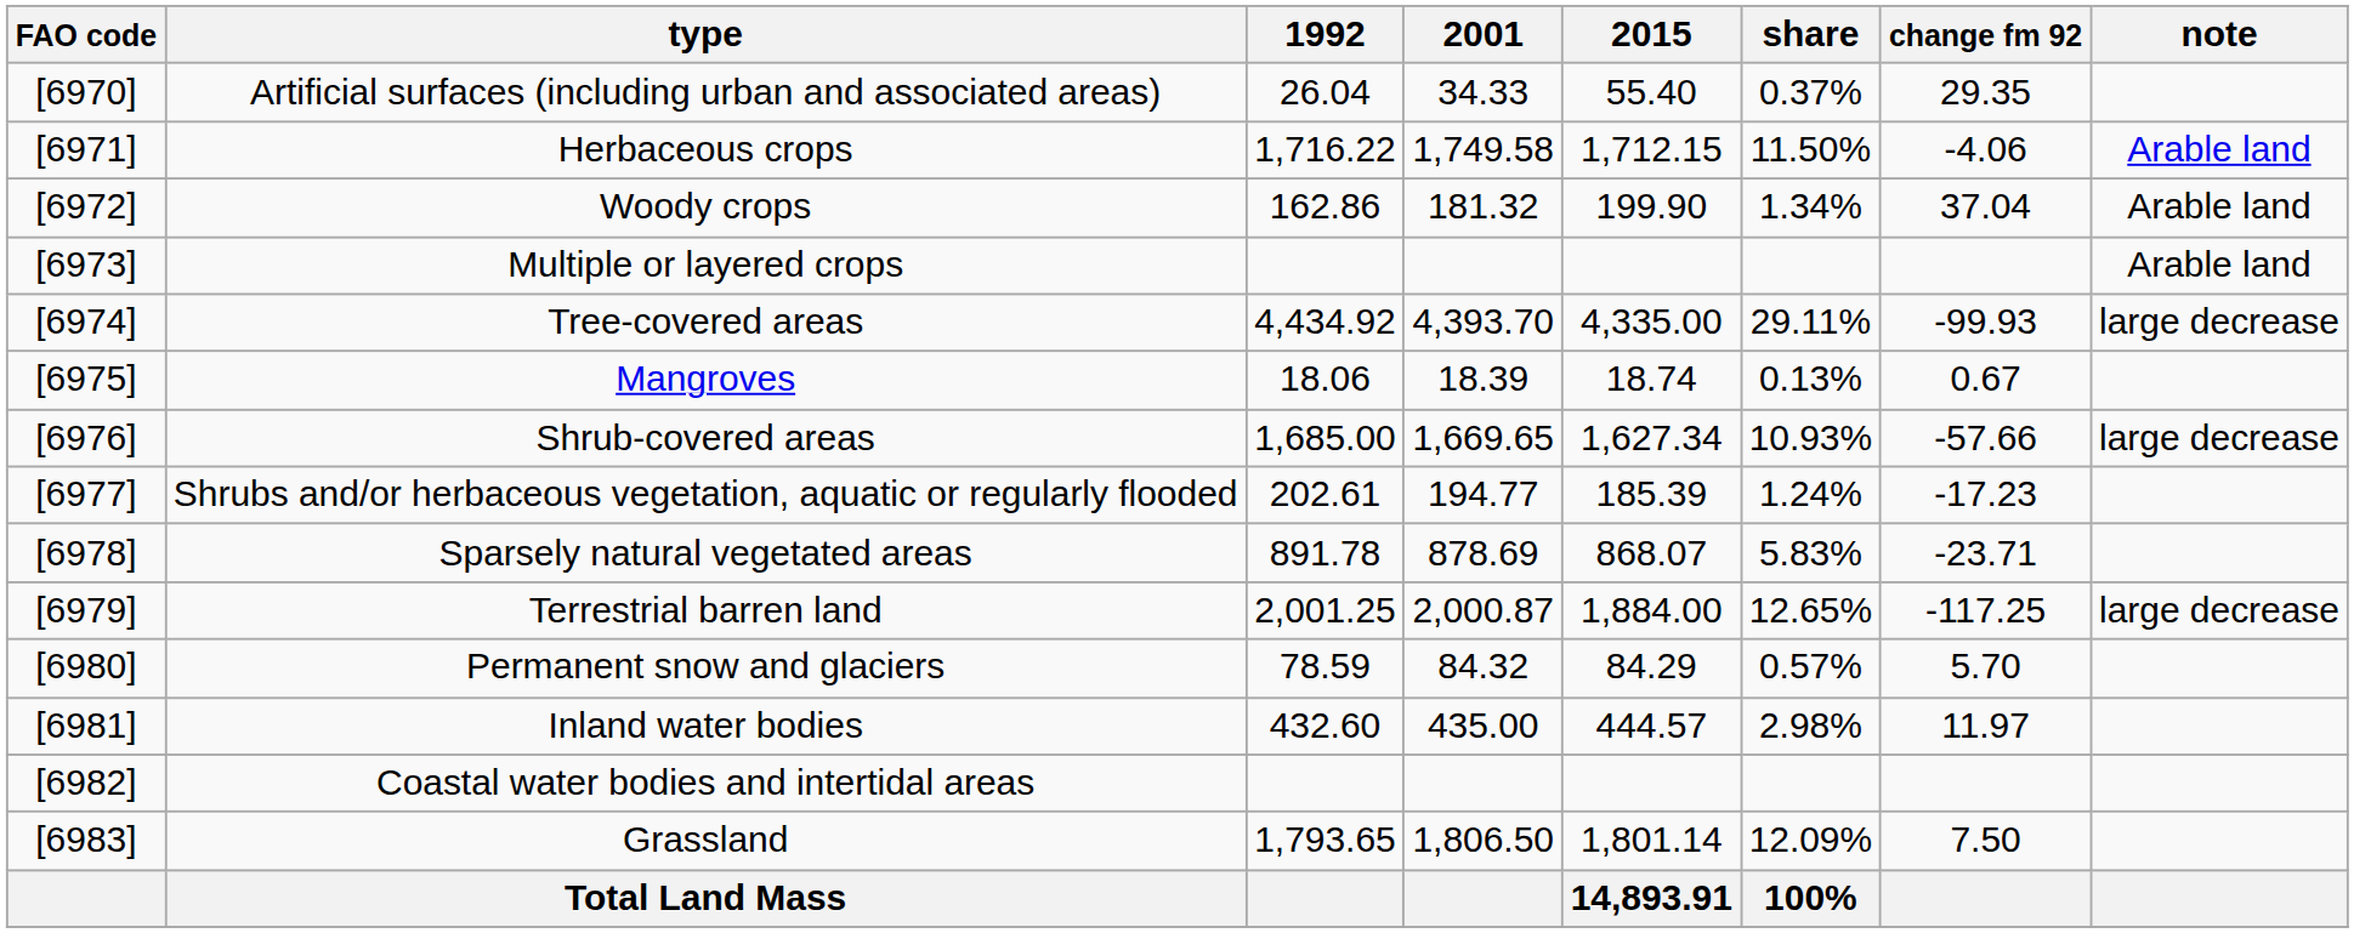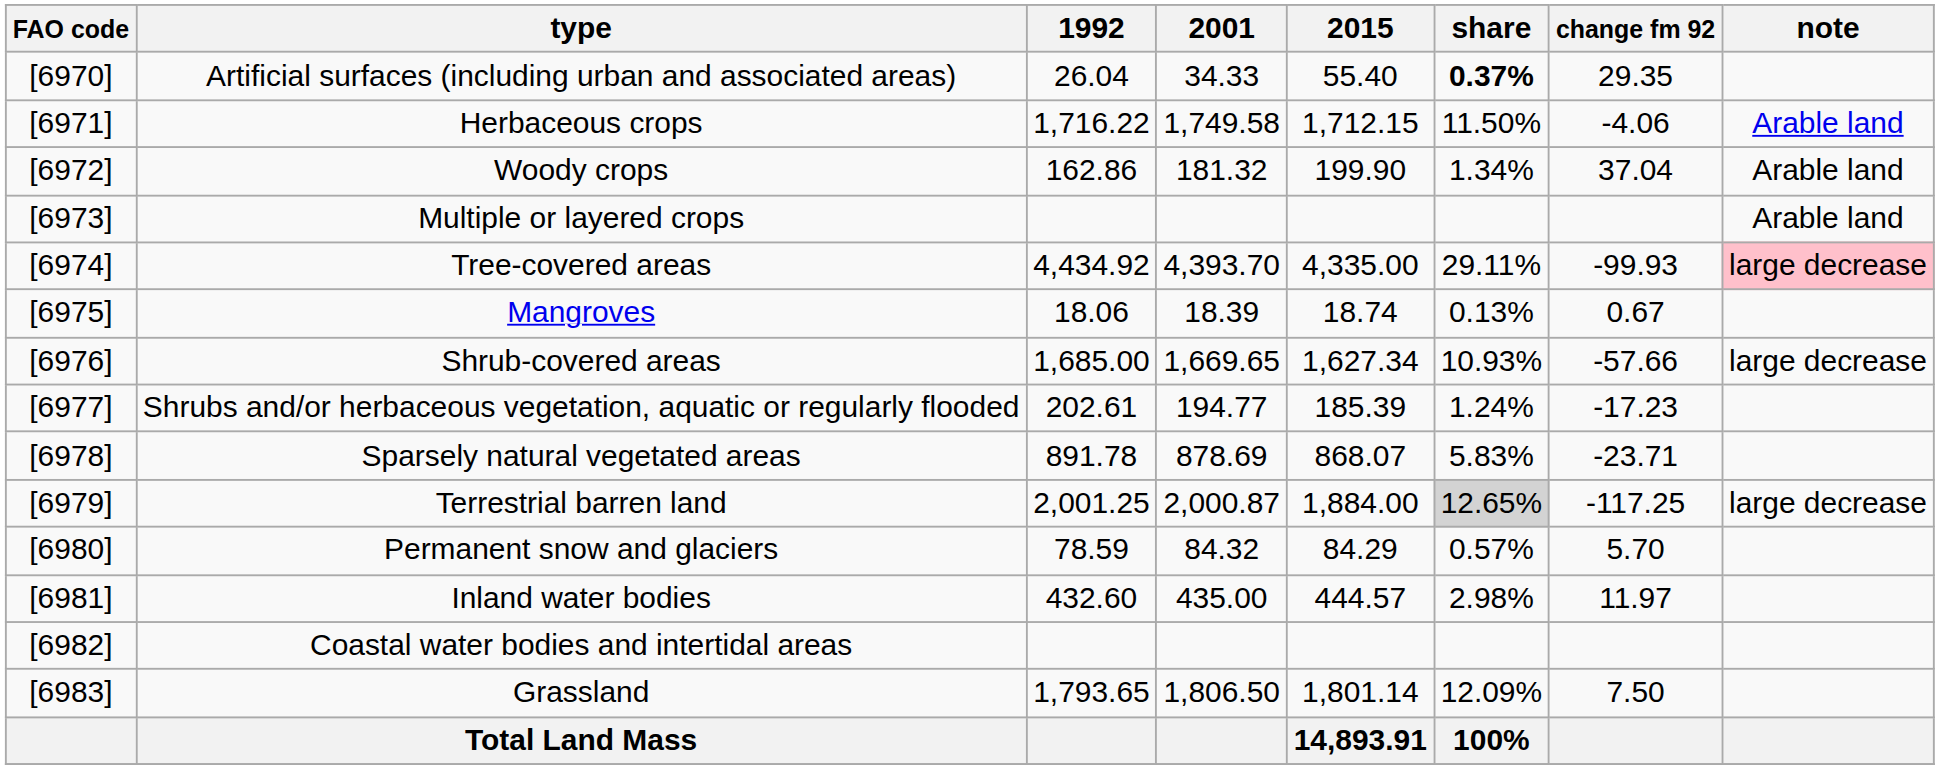 <table class="wikitable" style="text-align:center; margin:1em auto;">
 <tr>
 <th><small>FAO code</small></th>
 <th>type</th>
 <th>1992</th>
 <th>2001</th>
 <th>2015</th>
 <th>share</th>
 <th><small>change fm 92</small></th>
 <th>note</th>
 </tr>
 <tr>
 <td>[6970]</td>
 <td>Artificial surfaces (including urban and associated areas)</td>
 <td>26.04</td>
 <td>34.33</td>
 <td>55.40</td>
-<td>0.37%</td>
+<td><strong>0.37%</strong></td>
 <td>29.35</td>
 <td></td>
 </tr>
 <tr>
 <td>[6971]</td>
 <td>Herbaceous crops</td>
 <td>1,716.22</td>
 <td>1,749.58</td>
 <td>1,712.15</td>
 <td>11.50%</td>
 <td>-4.06</td>
 <td><a href='#'>Arable land</a></td>
 </tr>
 <tr>
 <td>[6972]</td>
 <td>Woody crops</td>
 <td>162.86</td>
 <td>181.32</td>
 <td>199.90</td>
 <td>1.34%</td>
 <td>37.04</td>
 <td>Arable land</td>
 </tr>
 <tr>
 <td>[6973]</td>
 <td>Multiple or layered crops</td>
 <td></td>
 <td></td>
 <td></td>
 <td></td>
 <td></td>
 <td>Arable land</td>
 </tr>
 <tr>
 <td>[6974]</td>
 <td>Tree-covered areas</td>
 <td>4,434.92</td>
 <td>4,393.70</td>
 <td>4,335.00</td>
 <td>29.11%</td>
 <td>-99.93</td>
-<td>large decrease</td>
+<td style="background: pink;">large decrease</td>
 </tr>
 <tr>
 <td>[6975]</td>
 <td><a href='#'>Mangroves</a></td>
 <td>18.06</td>
 <td>18.39</td>
 <td>18.74</td>
 <td>0.13%</td>
 <td>0.67</td>
 <td></td>
 </tr>
 <tr>
 <td>[6976]</td>
 <td>Shrub-covered areas</td>
 <td>1,685.00</td>
 <td>1,669.65</td>
 <td>1,627.34</td>
 <td>10.93%</td>
 <td>-57.66</td>
 <td>large decrease</td>
 </tr>
 <tr>
 <td>[6977]</td>
 <td>Shrubs and/or herbaceous vegetation, aquatic or regularly flooded</td>
 <td>202.61</td>
 <td>194.77</td>
 <td>185.39</td>
 <td>1.24%</td>
 <td>-17.23</td>
 <td></td>
 </tr>
 <tr>
 <td>[6978]</td>
 <td>Sparsely natural vegetated areas</td>
 <td>891.78</td>
 <td>878.69</td>
 <td>868.07</td>
 <td>5.83%</td>
 <td>-23.71</td>
 <td></td>
 </tr>
 <tr>
 <td>[6979]</td>
 <td>Terrestrial barren land</td>
 <td>2,001.25</td>
 <td>2,000.87</td>
 <td>1,884.00</td>
-<td>12.65%</td>
+<td style="background: lightgrey;">12.65%</td>
 <td>-117.25</td>
 <td>large decrease</td>
 </tr>
 <tr>
 <td>[6980]</td>
 <td>Permanent snow and glaciers</td>
 <td>78.59</td>
 <td>84.32</td>
 <td>84.29</td>
 <td>0.57%</td>
 <td>5.70</td>
 <td></td>
 </tr>
 <tr>
 <td>[6981]</td>
 <td>Inland water bodies</td>
 <td>432.60</td>
 <td>435.00</td>
 <td>444.57</td>
 <td>2.98%</td>
 <td>11.97</td>
 <td></td>
 </tr>
 <tr>
 <td>[6982]</td>
 <td>Coastal water bodies and intertidal areas</td>
 <td></td>
 <td></td>
 <td></td>
 <td></td>
 <td></td>
 <td></td>
 </tr>
 <tr>
 <td>[6983]</td>
 <td>Grassland</td>
 <td>1,793.65</td>
 <td>1,806.50</td>
 <td>1,801.14</td>
 <td>12.09%</td>
 <td>7.50</td>
 <td></td>
 </tr>
 <tr>
 <th></th>
 <th>Total Land Mass</th>
 <th></th>
 <th></th>
 <th>14,893.91</th>
 <th>100%</th>
 <th></th>
 <th></th>
 </tr>
 <tr>
 </tr>
 </table>
